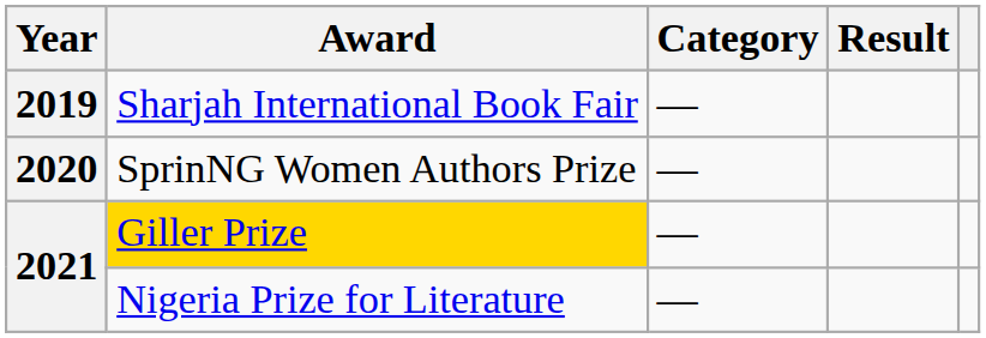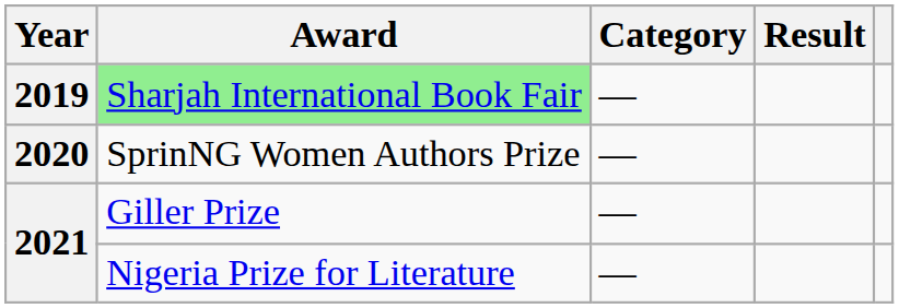 <table class="wikitable sortable">
 <tr>
 <th>Year</th>
 <th>Award</th>
 <th>Category</th>
 <th>Result</th>
 <th></th>
 </tr>
 <tr>
 <th>2019</th>
-<td><a href='#'>Sharjah International Book Fair</a></td>
+<td style="background: lightgreen;"><a href='#'>Sharjah International Book Fair</a></td>
 <td>—</td>
 <td></td>
 <td></td>
 </tr>
 <tr>
 <th>2020</th>
 <td>SprinNG Women Authors Prize</td>
 <td>—</td>
 <td></td>
 <td></td>
 </tr>
 <tr>
 <th rowspan="2">2021</th>
-<td style="background: gold;"><a href='#'>Giller Prize</a></td>
+<td><a href='#'>Giller Prize</a></td>
 <td>—</td>
 <td></td>
 <td></td>
 </tr>
 <tr>
 <td><a href='#'>Nigeria Prize for Literature</a></td>
 <td>—</td>
 <td></td>
 <td></td>
 </tr>
 </table>
